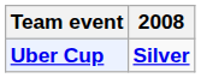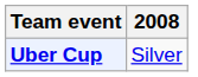 <table class="wikitable" style="font-size: 90%; text-align:center">
 <tr>
 <th>Team event</th>
 <th>2008</th>
 </tr>
 <tr>
 <td bgcolor="#ECF2FF"; align="left"><strong><a href='#'>Uber Cup</a></strong></td>
-<td><strong> <a href='#'>Silver</a></strong></td>
+<td> <a href='#'>Silver</a></td>
 </tr>
 </table>
